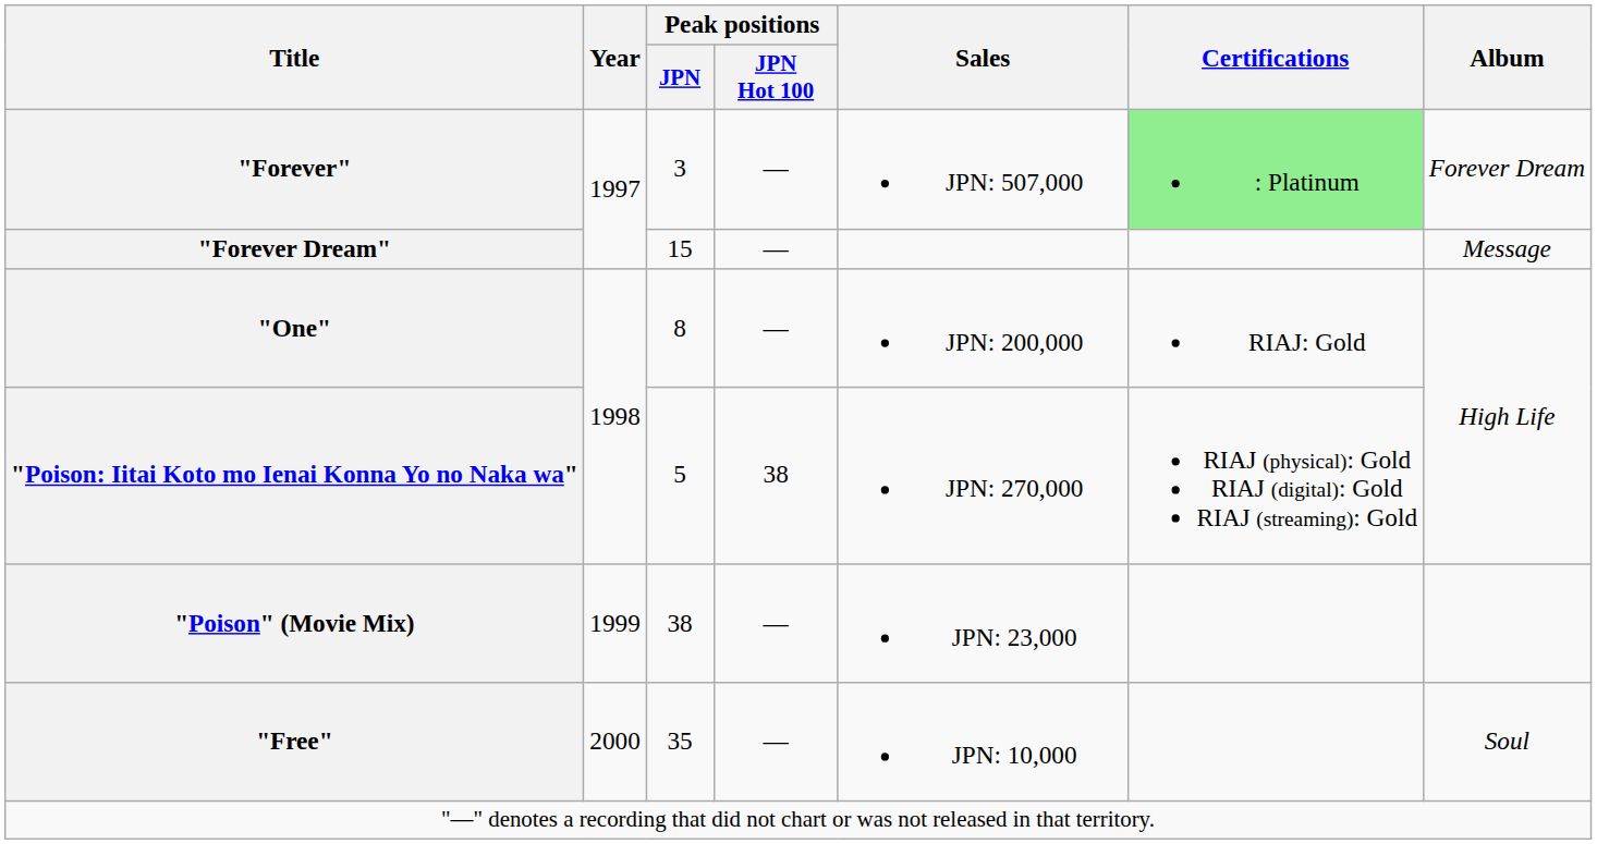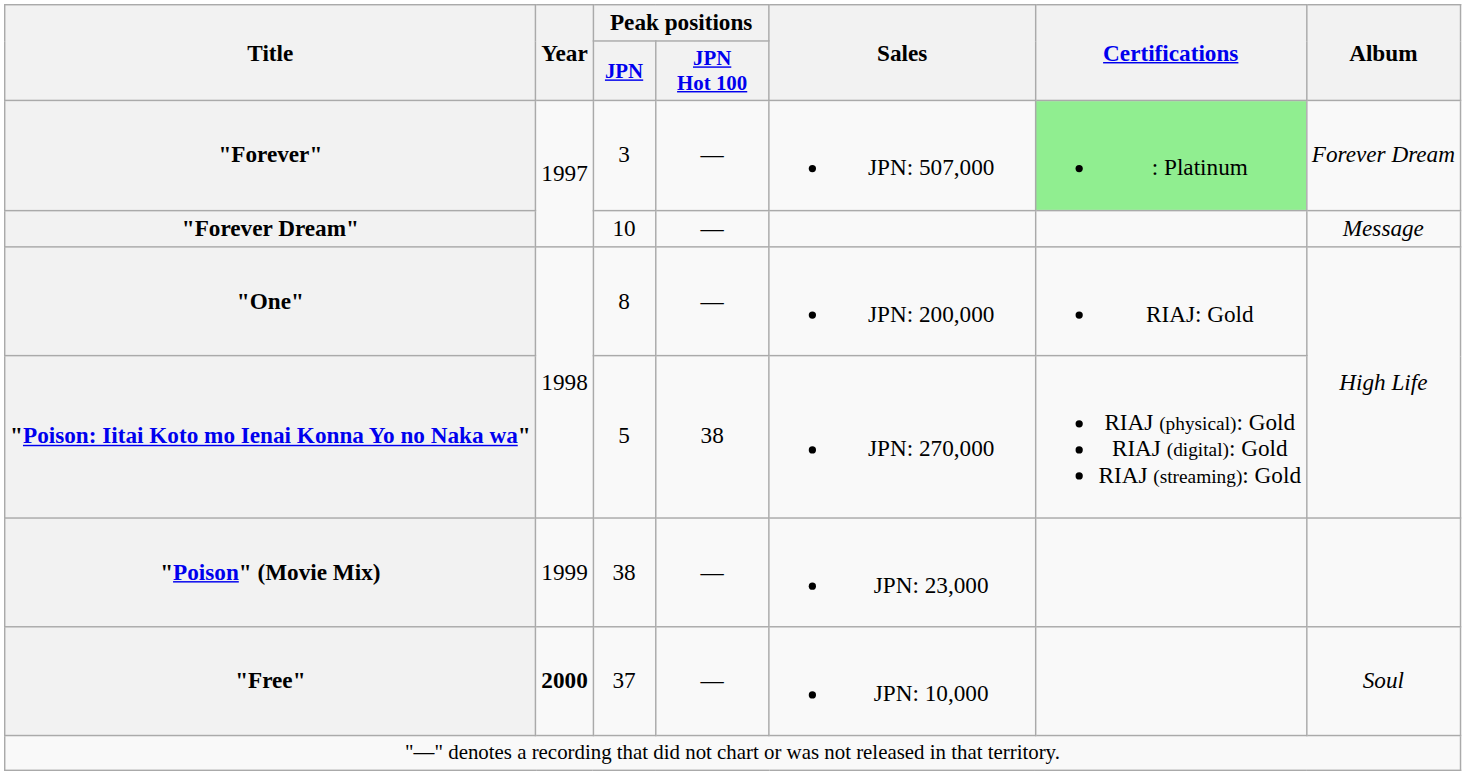 <table class="wikitable plainrowheaders" style="text-align:center;">
 <tr>
 <th scope="col" rowspan="2">Title</th>
 <th scope="col" rowspan="2" style="width:2em;">Year</th>
 <th scope="col" colspan="2">Peak positions</th>
 <th scope="col" rowspan="2" style="width:11em;">Sales</th>
 <th scope="col" rowspan="2"><a href='#'>Certifications</a></th>
 <th scope="col" rowspan="2">Album</th>
 </tr>
 <tr>
 <th scope="col" style="width:2.5em;font-size:90%;"><a href='#'>JPN</a><br></th>
 <th scope="col" style="width:5em;font-size:90%;"><a href='#'>JPN<br>Hot 100</a><br></th>
 </tr>
 <tr>
 <th scope="row">"Forever"<br></th>
 <td rowspan="2">1997</td>
 <td>3</td>
 <td>—</td>
 <td><br><ul><li>JPN: 507,000</li></ul></td>
 <td style="background: lightgreen;"><br><ul><li><a href='#'></a>: Platinum</li></ul></td>
 <td><em>Forever Dream</em></td>
 </tr>
 <tr>
 <th scope="row">"Forever Dream"</th>
-<td>15</td>
+<td>10</td>
 <td>—</td>
 <td></td>
 <td></td>
 <td><em>Message</em></td>
 </tr>
 <tr>
 <th scope="row">"One"</th>
 <td rowspan="2">1998</td>
 <td>8</td>
 <td>—</td>
 <td><br><ul><li>JPN: 200,000</li></ul></td>
 <td><br><ul><li>RIAJ: Gold</li></ul></td>
 <td rowspan="2"><em>High Life</em></td>
 </tr>
 <tr>
 <th scope="row">"<a href='#'>Poison: Iitai Koto mo Ienai Konna Yo no Naka wa</a>"</th>
 <td>5</td>
 <td>38</td>
 <td><br><ul><li>JPN: 270,000</li></ul></td>
 <td><br><ul><li>RIAJ <small>(physical)</small>: Gold</li><li>RIAJ <small>(digital)</small>: Gold</li><li>RIAJ <small>(streaming)</small>: Gold</li></ul></td>
 </tr>
 <tr>
 <th scope="row">"<a href='#'>Poison</a>" (Movie Mix)</th>
 <td>1999</td>
 <td>38</td>
 <td>—</td>
 <td><br><ul><li>JPN: 23,000</li></ul></td>
 <td></td>
 <td></td>
 </tr>
 <tr>
 <th scope="row">"Free"</th>
-<td>2000</td>
-<td>35</td>
+<td><strong>2000</strong></td>
+<td>37</td>
 <td>—</td>
 <td><br><ul><li>JPN: 10,000</li></ul></td>
 <td></td>
 <td><em>Soul</em></td>
 </tr>
 <tr>
 <td colspan="9" style="font-size:90%">"—" denotes a recording that did not chart or was not released in that territory.</td>
 </tr>
 </table>
